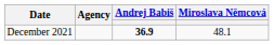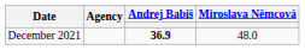 <table class="wikitable" style=text-align:center;font-size:85%;line-height:14px;">
 <tr>
 <th rowspan="2">Date</th>
 <th rowspan="2">Agency</th>
 <th><a href='#'>Andrej Babiš</a></th>
 <th><a href='#'>Miroslava Němcová</a></th>
 </tr>
 <tr>
 <th style="background:"></th>
 <th style="background:"></th>
 </tr>
 <tr>
 <td>December 2021</td>
 <td></td>
 <td><strong>36.9</strong></td>
-<td>48.1</td>
+<td>48.0</td>
 </tr>
 </table>
